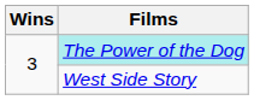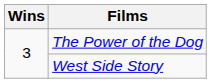 <table class="wikitable">
 <tr>
 <th>Wins</th>
 <th>Films</th>
 </tr>
 <tr>
 <td rowspan="2" style="text-align:center">3</td>
-<td style="background: paleturquoise;"><em><a href='#'>The Power of the Dog</a></em></td>
+<td><em><a href='#'>The Power of the Dog</a></em></td>
 </tr>
 <tr>
 <td><em><a href='#'>West Side Story</a></em></td>
 </tr>
 </table>
